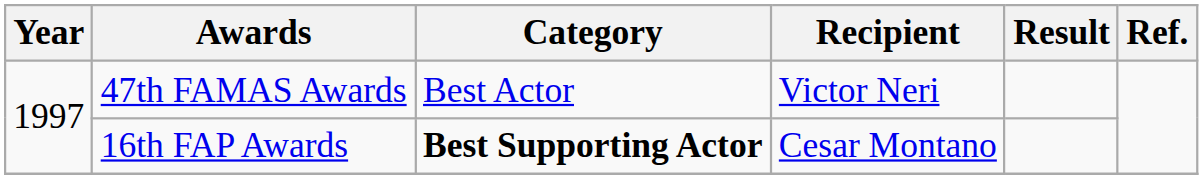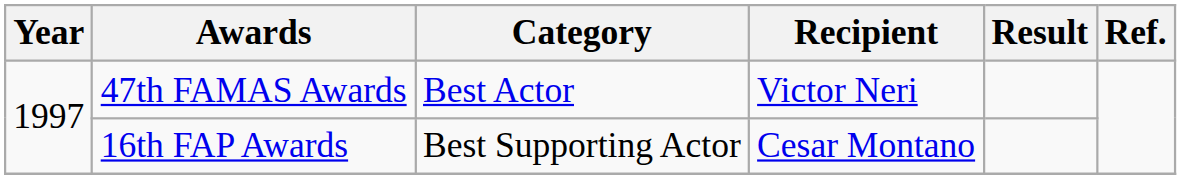 <table class="wikitable">
 <tr>
 <th>Year</th>
 <th>Awards</th>
 <th>Category</th>
 <th>Recipient</th>
 <th>Result</th>
 <th>Ref.</th>
 </tr>
 <tr>
 <td rowspan="2">1997</td>
 <td><a href='#'>47th FAMAS Awards</a></td>
 <td><a href='#'>Best Actor</a></td>
 <td><a href='#'>Victor Neri</a></td>
 <td></td>
 <td rowspan="2"></td>
 </tr>
 <tr>
 <td><a href='#'>16th FAP Awards</a></td>
-<td><strong>Best Supporting Actor</strong></td>
+<td>Best Supporting Actor</td>
 <td><a href='#'>Cesar Montano</a></td>
 <td></td>
 </tr>
 <tr>
 </tr>
 </table>
